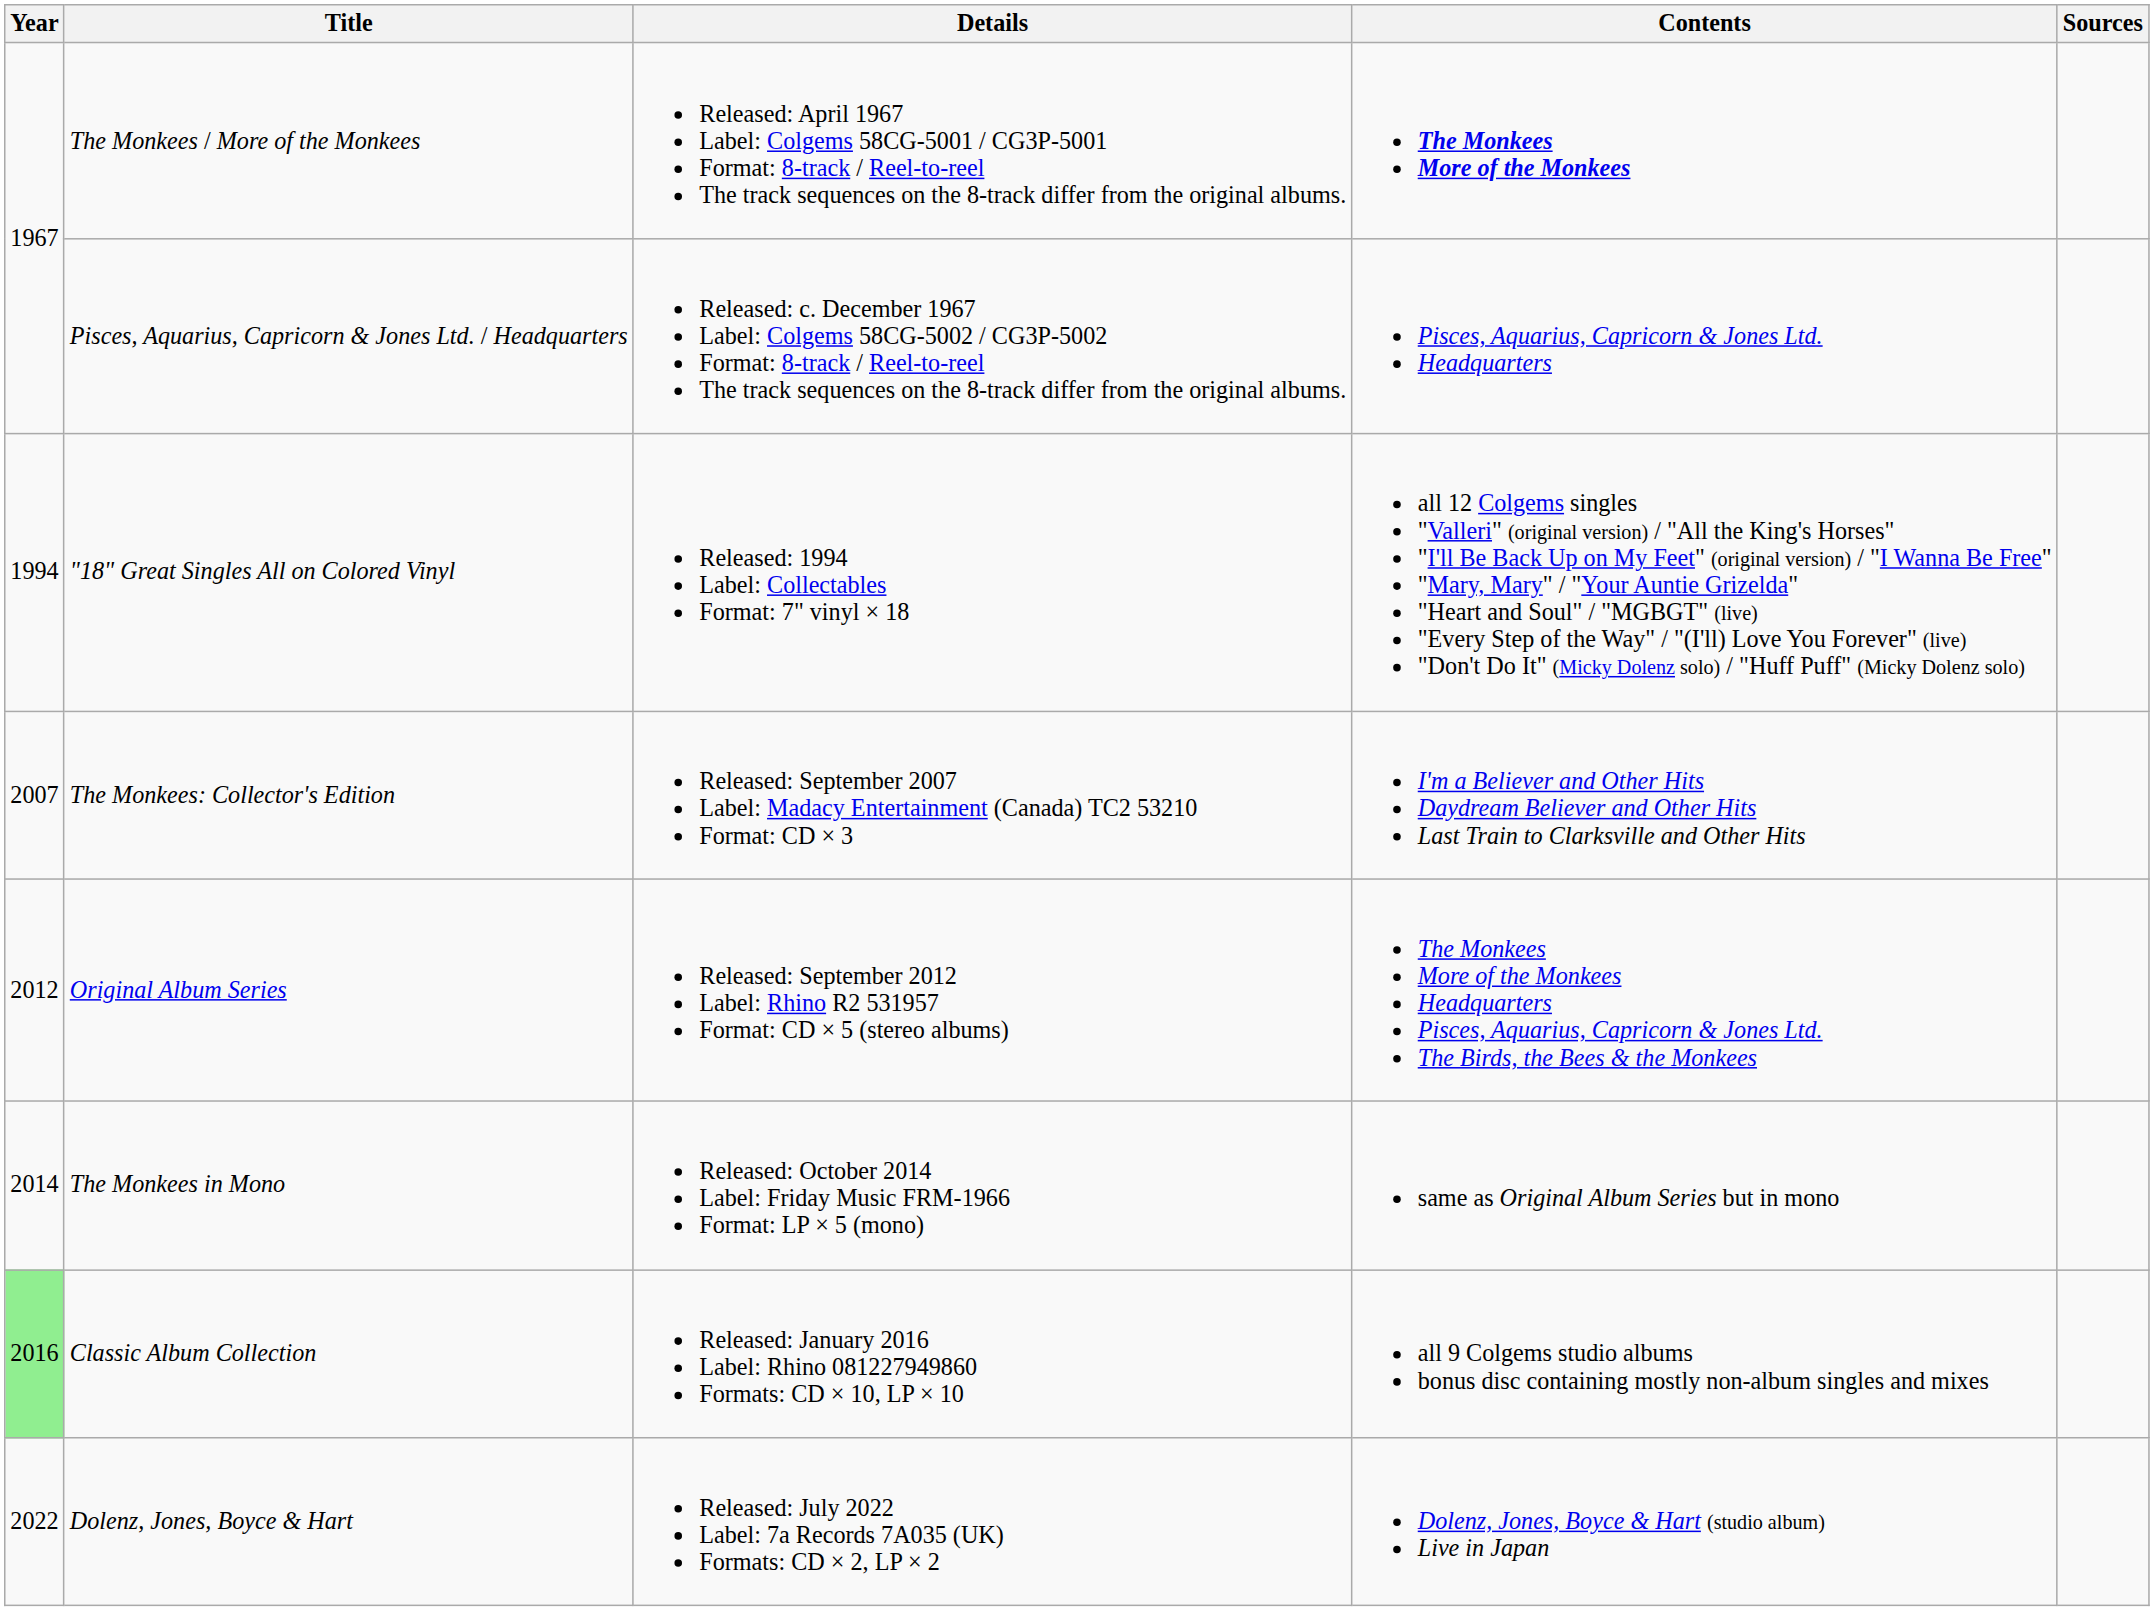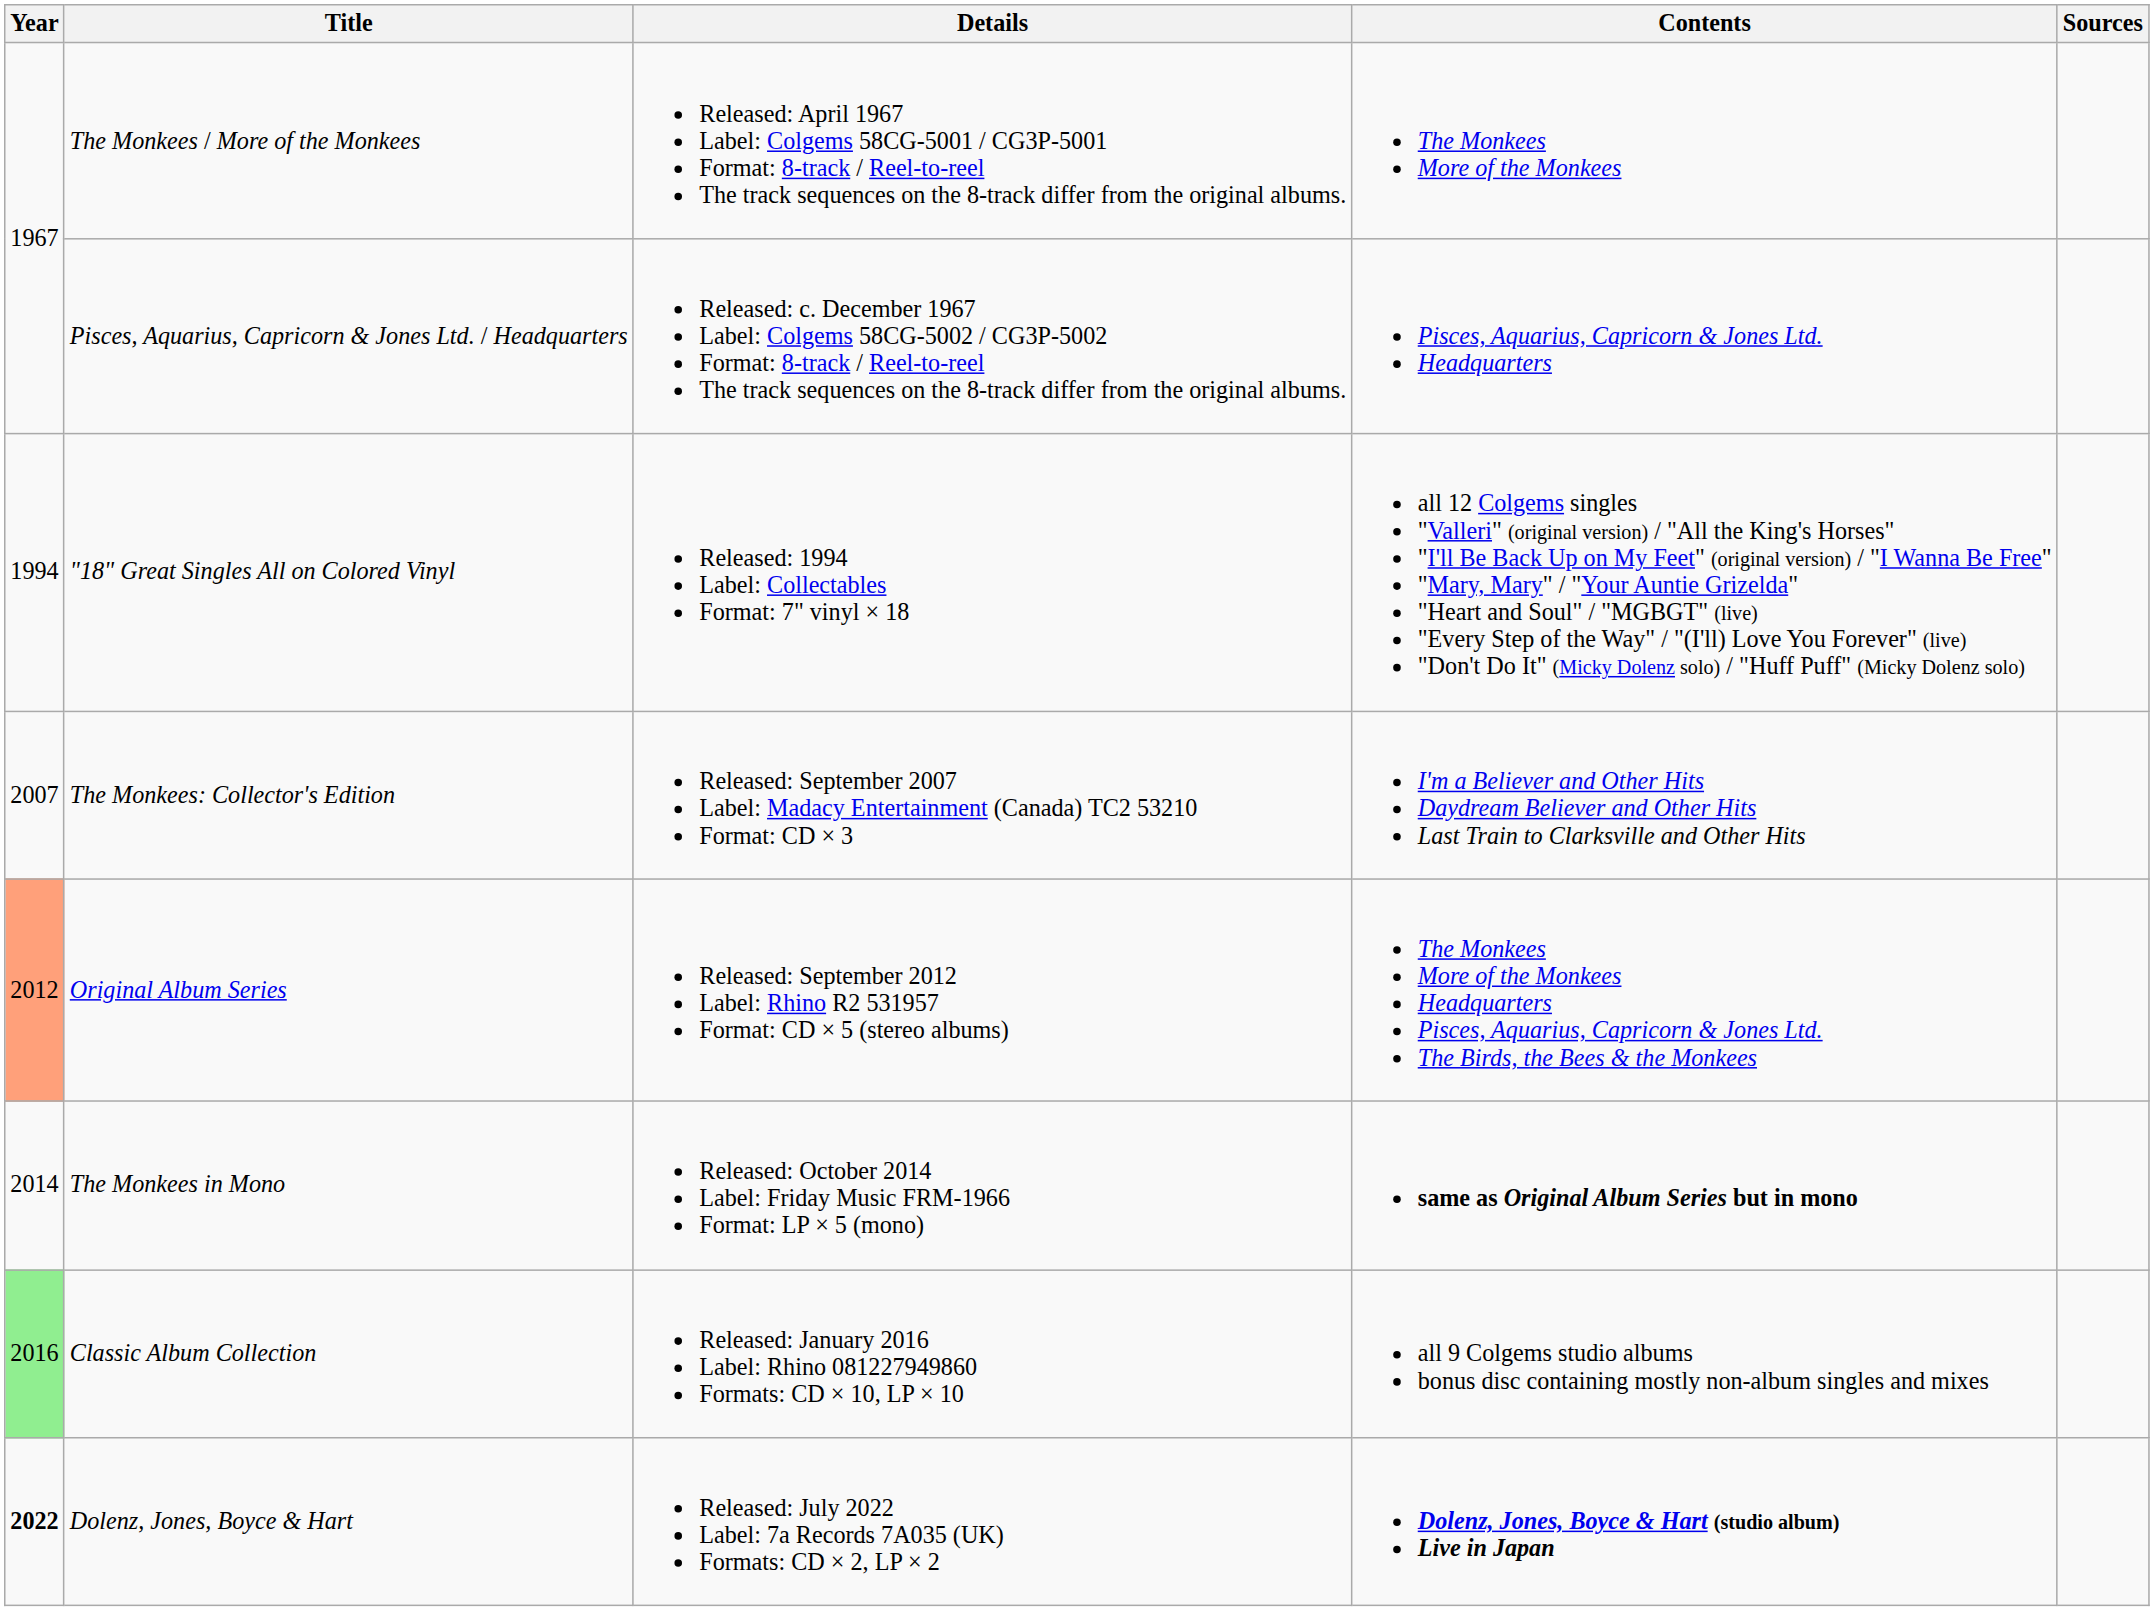 <table class="wikitable">
 <tr>
 <th>Year</th>
 <th>Title</th>
 <th>Details</th>
 <th>Contents</th>
 <th>Sources</th>
 </tr>
 <tr>
 <td rowspan="2">1967</td>
 <td><em>The Monkees</em> / <em>More of the Monkees</em></td>
 <td><br><ul><li>Released: April 1967</li><li>Label: <a href='#'>Colgems</a> 58CG-5001 / CG3P-5001</li><li>Format: <a href='#'>8-track</a> / <a href='#'>Reel-to-reel</a></li><li>The track sequences on the 8-track differ from the original albums.</li></ul></td>
-<td><strong><br><ul><li><em><a href='#'>The Monkees</a></em></li><li><em><a href='#'>More of the Monkees</a></em></li></ul></strong></td>
+<td><br><ul><li><em><a href='#'>The Monkees</a></em></li><li><em><a href='#'>More of the Monkees</a></em></li></ul></td>
 <td></td>
 </tr>
 <tr>
 <td><em>Pisces, Aquarius, Capricorn & Jones Ltd.</em> / <em>Headquarters</em></td>
 <td><br><ul><li>Released: c. December 1967</li><li>Label: <a href='#'>Colgems</a> 58CG-5002 / CG3P-5002</li><li>Format: <a href='#'>8-track</a> / <a href='#'>Reel-to-reel</a></li><li>The track sequences on the 8-track differ from the original albums.</li></ul></td>
 <td><br><ul><li><em><a href='#'>Pisces, Aquarius, Capricorn & Jones Ltd.</a></em></li><li><em><a href='#'>Headquarters</a></em></li></ul></td>
 <td></td>
 </tr>
 <tr>
 <td>1994</td>
 <td><em>"18" Great Singles All on Colored Vinyl</em></td>
 <td><br><ul><li>Released: 1994</li><li>Label: <a href='#'>Collectables</a></li><li>Format: 7" vinyl × 18</li></ul></td>
 <td><br><ul><li>all 12 <a href='#'>Colgems</a> singles</li><li>"<a href='#'>Valleri</a>" <small>(original version)</small> / "All the King's Horses"</li><li>"<a href='#'>I'll Be Back Up on My Feet</a>" <small>(original version)</small> / "<a href='#'>I Wanna Be Free</a>"</li><li>"<a href='#'>Mary, Mary</a>" / "<a href='#'>Your Auntie Grizelda</a>"</li><li>"Heart and Soul" / "MGBGT" <small>(live)</small></li><li>"Every Step of the Way" / "(I'll) Love You Forever" <small>(live)</small></li><li>"Don't Do It" <small>(<a href='#'>Micky Dolenz</a> solo)</small> / "Huff Puff" <small>(Micky Dolenz solo)</small></li></ul></td>
 <td></td>
 </tr>
 <tr>
 <td>2007</td>
 <td><em>The Monkees: Collector's Edition</em></td>
 <td><br><ul><li>Released: September 2007</li><li>Label: <a href='#'>Madacy Entertainment</a> (Canada) TC2 53210</li><li>Format: CD × 3</li></ul></td>
 <td><br><ul><li><em><a href='#'>I'm a Believer and Other Hits</a></em></li><li><em><a href='#'>Daydream Believer and Other Hits</a></em></li><li><em>Last Train to Clarksville and Other Hits</em></li></ul></td>
 <td></td>
 </tr>
 <tr>
-<td>2012</td>
+<td style="background: lightsalmon;">2012</td>
 <td><em><a href='#'>Original Album Series</a></em></td>
 <td><br><ul><li>Released: September 2012</li><li>Label: <a href='#'>Rhino</a> R2 531957</li><li>Format: CD × 5 (stereo albums)</li></ul></td>
 <td><br><ul><li><em><a href='#'>The Monkees</a></em></li><li><em><a href='#'>More of the Monkees</a></em></li><li><em><a href='#'>Headquarters</a></em></li><li><em><a href='#'>Pisces, Aquarius, Capricorn & Jones Ltd.</a></em></li><li><em><a href='#'>The Birds, the Bees & the Monkees</a></em></li></ul></td>
 <td></td>
 </tr>
 <tr>
 <td>2014</td>
 <td><em>The Monkees in Mono</em></td>
 <td><br><ul><li>Released: October 2014</li><li>Label: Friday Music FRM-1966</li><li>Format: LP × 5 (mono)</li></ul></td>
-<td><br><ul><li>same as <em>Original Album Series</em> but in mono</li></ul></td>
+<td><strong><br><ul><li>same as <em>Original Album Series</em> but in mono</li></ul></strong></td>
 <td></td>
 </tr>
 <tr>
 <td style="background: lightgreen;">2016</td>
 <td><em>Classic Album Collection</em></td>
 <td><br><ul><li>Released: January 2016</li><li>Label: Rhino 081227949860</li><li>Formats: CD × 10, LP × 10</li></ul></td>
 <td><br><ul><li>all 9 Colgems studio albums</li><li>bonus disc containing mostly non-album singles and mixes</li></ul></td>
 <td></td>
 </tr>
 <tr>
-<td>2022</td>
+<td><strong>2022</strong></td>
 <td><em>Dolenz, Jones, Boyce & Hart</em></td>
 <td><br><ul><li>Released: July 2022</li><li>Label: 7a Records 7A035 (UK)</li><li>Formats: CD × 2, LP × 2</li></ul></td>
-<td><br><ul><li><em><a href='#'>Dolenz, Jones, Boyce & Hart</a></em> <small>(studio album)</small></li><li><em>Live in Japan</em></li></ul></td>
+<td><strong><br><ul><li><em><a href='#'>Dolenz, Jones, Boyce & Hart</a></em> <small>(studio album)</small></li><li><em>Live in Japan</em></li></ul></strong></td>
 <td></td>
 </tr>
 </table>
